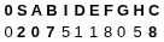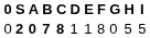 <table>
 <tr>
 <th>0</th>
 <th>S</th>
 <th>A</th>
 <th>B</th>
-<th>I</th>
+<th>C</th>
 <th>D</th>
 <th>E</th>
 <th>F</th>
 <th>G</th>
 <th>H</th>
-<th>C</th>
+<th>I</th>
 </tr>
 <tr>
 <td>0</td>
 <td><strong>2</strong></td>
 <td><strong>0</strong></td>
 <td><strong>7</strong></td>
-<td>5</td>
+<td><strong>8</strong></td>
 <td>1</td>
 <td>1</td>
 <td>8</td>
 <td>0</td>
 <td>5</td>
-<td><strong>8</strong></td>
+<td>5</td>
 </tr>
 </table>
